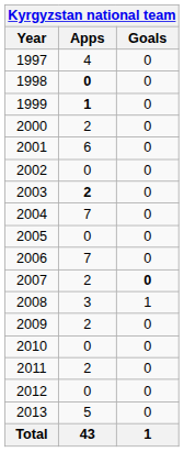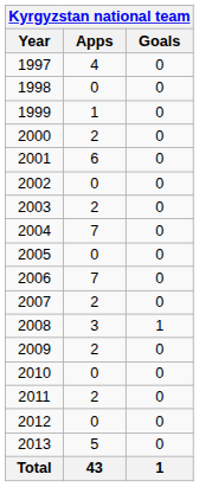 <table class="wikitable" style="text-align:center">
 <tr>
 <th colspan=3><a href='#'>Kyrgyzstan national team</a></th>
 </tr>
 <tr>
 <th>Year</th>
 <th>Apps</th>
 <th>Goals</th>
 </tr>
 <tr>
 <td>1997</td>
 <td>4</td>
 <td>0</td>
 </tr>
 <tr>
 <td>1998</td>
-<td><strong>0</strong></td>
+<td>0</td>
 <td>0</td>
 </tr>
 <tr>
 <td>1999</td>
-<td><strong>1</strong></td>
+<td>1</td>
 <td>0</td>
 </tr>
 <tr>
 <td>2000</td>
 <td>2</td>
 <td>0</td>
 </tr>
 <tr>
 <td>2001</td>
 <td>6</td>
 <td>0</td>
 </tr>
 <tr>
 <td>2002</td>
 <td>0</td>
 <td>0</td>
 </tr>
 <tr>
 <td>2003</td>
-<td><strong>2</strong></td>
+<td>2</td>
 <td>0</td>
 </tr>
 <tr>
 <td>2004</td>
 <td>7</td>
 <td>0</td>
 </tr>
 <tr>
 <td>2005</td>
 <td>0</td>
 <td>0</td>
 </tr>
 <tr>
 <td>2006</td>
 <td>7</td>
 <td>0</td>
 </tr>
 <tr>
 <td>2007</td>
 <td>2</td>
-<td><strong>0</strong></td>
+<td>0</td>
 </tr>
 <tr>
 <td>2008</td>
 <td>3</td>
 <td>1</td>
 </tr>
 <tr>
 <td>2009</td>
 <td>2</td>
 <td>0</td>
 </tr>
 <tr>
 <td>2010</td>
 <td>0</td>
 <td>0</td>
 </tr>
 <tr>
 <td>2011</td>
 <td>2</td>
 <td>0</td>
 </tr>
 <tr>
 <td>2012</td>
 <td>0</td>
 <td>0</td>
 </tr>
 <tr>
 <td>2013</td>
 <td>5</td>
 <td>0</td>
 </tr>
 <tr>
 <th>Total</th>
 <th>43</th>
 <th>1</th>
 </tr>
 </table>
